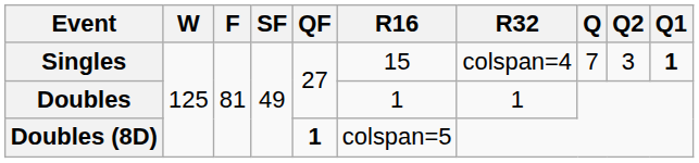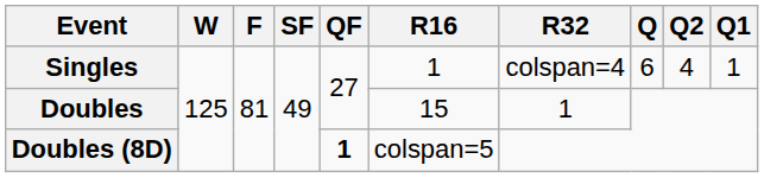 <table class="wikitable" style=text-align:center;>
 <tr>
 <th>Event</th>
 <th scope="col">W</th>
 <th scope="col">F</th>
 <th scope="col">SF</th>
 <th scope="col">QF</th>
 <th scope="col">R16</th>
 <th scope="col">R32</th>
 <th scope="col">Q</th>
 <th scope="col">Q2</th>
 <th scope="col">Q1</th>
 </tr>
 <tr>
 <th scope="row">Singles</th>
 <td rowspan="3">125</td>
 <td rowspan="3">81</td>
 <td rowspan="3">49</td>
 <td rowspan="2">27</td>
-<td>15</td>
+<td>1</td>
 <td>colspan=4 </td>
-<td>7</td>
-<td>3</td>
-<td><strong>1</strong></td>
+<td>6</td>
+<td>4</td>
+<td>1</td>
 </tr>
 <tr>
 <th scope="row">Doubles</th>
-<td>1</td>
+<td>15</td>
 <td>1</td>
 </tr>
 <tr>
 <th scope="row">Doubles (8D)</th>
 <td><strong>1</strong></td>
 <td>colspan=5 </td>
 </tr>
 </table>
